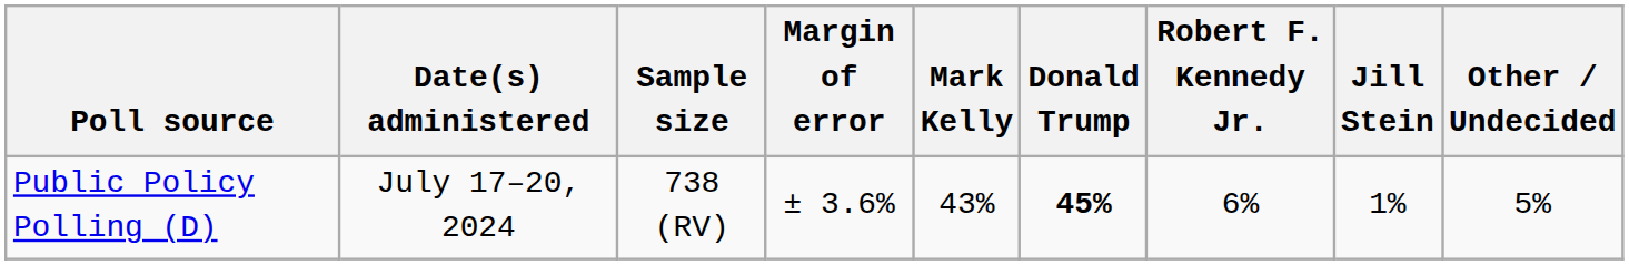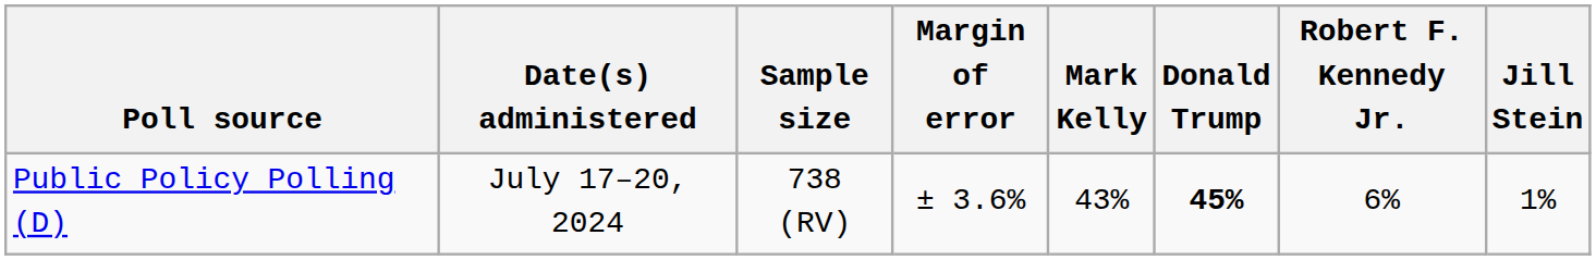 <table class="wikitable sortable mw-datatable" style="font-size:90%;text-align:center;line-height:17px">
 <tr valign=bottom>
 <th>Poll source</th>
 <th>Date(s)<br>administered</th>
 <th>Sample<br>size</th>
 <th>Margin<br>of error</th>
 <th class="unsortable">Mark<br>Kelly<br></th>
 <th class="unsortable">Donald<br>Trump<br></th>
 <th class="unsortable">Robert F.<br>Kennedy Jr.<br></th>
 <th class="unsortable">Jill<br>Stein<br></th>
-<th class="unsortable">Other /<br>Undecided</th>
 </tr>
 <tr>
 <td style="text-align:left;"><a href='#'>Public Policy Polling (D)</a></td>
 <td data-sort-value="2024-07-21">July 17–20, 2024</td>
 <td>738 (RV)</td>
 <td>± 3.6%</td>
 <td>43%</td>
 <td style="background-color:"><strong>45%</strong></td>
 <td>6%</td>
 <td>1%</td>
-<td>5%</td>
 </tr>
 </table>
